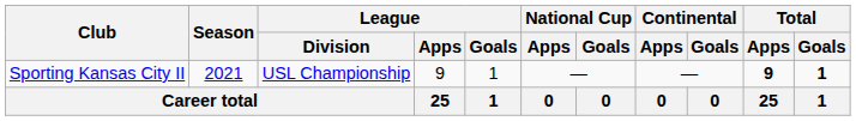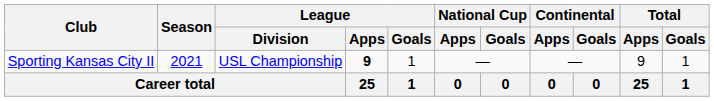 <table class=wikitable style=text-align:center>
 <tr>
 <th rowspan=2>Club</th>
 <th rowspan=2>Season</th>
 <th colspan=3>League</th>
 <th colspan=2>National Cup</th>
 <th colspan=2>Continental</th>
 <th colspan=2>Total</th>
 </tr>
 <tr>
 <th>Division</th>
 <th>Apps</th>
 <th>Goals</th>
 <th>Apps</th>
 <th>Goals</th>
 <th>Apps</th>
 <th>Goals</th>
 <th>Apps</th>
 <th>Goals</th>
 </tr>
 <tr>
 <td rowspan=1><a href='#'>Sporting Kansas City II</a></td>
 <td><a href='#'>2021</a></td>
 <td><a href='#'>USL Championship</a></td>
-<td>9</td>
+<td><strong>9</strong></td>
 <td>1</td>
 <td colspan=2>—</td>
 <td colspan=2>—</td>
-<td><strong>9</strong></td>
-<td><strong>1</strong></td>
+<td>9</td>
+<td>1</td>
 </tr>
 <tr>
 <th colspan=3>Career total</th>
 <th>25</th>
 <th>1</th>
 <th>0</th>
 <th>0</th>
 <th>0</th>
 <th>0</th>
 <th>25</th>
 <th>1</th>
 </tr>
 </table>
